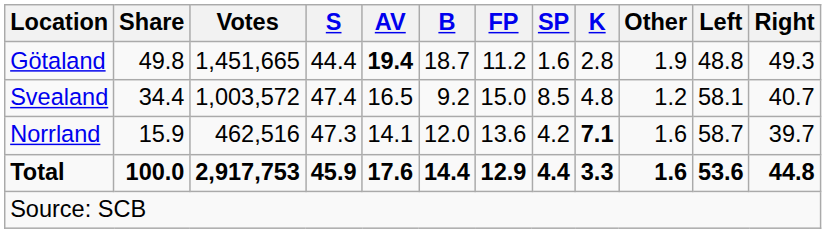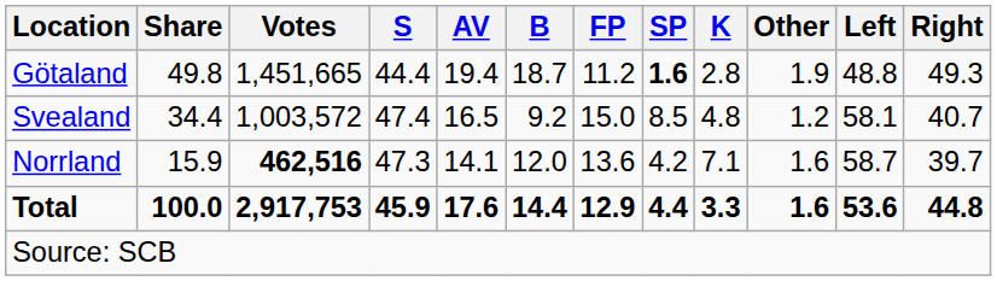 <table class="wikitable sortable" style=text-align:right>
 <tr>
 <th>Location</th>
 <th>Share</th>
 <th>Votes</th>
 <th><a href='#'>S</a></th>
 <th><a href='#'>AV</a></th>
 <th><a href='#'>B</a></th>
 <th><a href='#'>FP</a></th>
 <th><a href='#'>SP</a></th>
 <th><a href='#'>K</a></th>
 <th>Other</th>
 <th>Left</th>
 <th>Right</th>
 </tr>
 <tr>
 <td align=left><a href='#'>Götaland</a></td>
 <td>49.8</td>
 <td>1,451,665</td>
 <td>44.4</td>
-<td><strong>19.4</strong></td>
+<td>19.4</td>
 <td>18.7</td>
 <td>11.2</td>
-<td>1.6</td>
+<td><strong>1.6</strong></td>
 <td>2.8</td>
 <td>1.9</td>
 <td>48.8</td>
 <td>49.3</td>
 </tr>
 <tr>
 <td align=left><a href='#'>Svealand</a></td>
 <td>34.4</td>
 <td>1,003,572</td>
 <td>47.4</td>
 <td>16.5</td>
 <td>9.2</td>
 <td>15.0</td>
 <td>8.5</td>
 <td>4.8</td>
 <td>1.2</td>
 <td>58.1</td>
 <td>40.7</td>
 </tr>
 <tr>
 <td align=left><a href='#'>Norrland</a></td>
 <td>15.9</td>
-<td>462,516</td>
+<td><strong>462,516</strong></td>
 <td>47.3</td>
 <td>14.1</td>
 <td>12.0</td>
 <td>13.6</td>
 <td>4.2</td>
-<td><strong>7.1</strong></td>
+<td>7.1</td>
 <td>1.6</td>
 <td>58.7</td>
 <td>39.7</td>
 </tr>
 <tr>
 <td align=left><strong>Total</strong></td>
 <td><strong>100.0</strong></td>
 <td><strong>2,917,753</strong></td>
 <td><strong>45.9</strong></td>
 <td><strong>17.6</strong></td>
 <td><strong>14.4</strong></td>
 <td><strong>12.9</strong></td>
 <td><strong>4.4</strong></td>
 <td><strong>3.3</strong></td>
 <td><strong>1.6</strong></td>
 <td><strong>53.6</strong></td>
 <td><strong>44.8</strong></td>
 </tr>
 <tr>
 <td align=left colspan=12>Source: SCB </td>
 </tr>
 </table>
